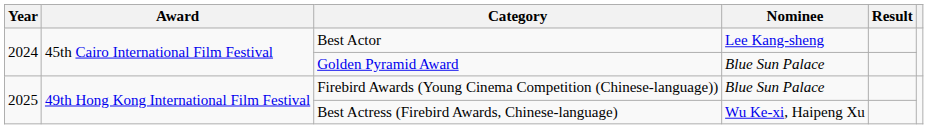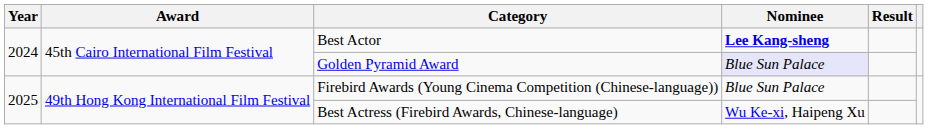 <table class="wikitable plainrowheaders">
 <tr>
 <th scope="col">Year</th>
 <th scope="col">Award</th>
 <th scope="col">Category</th>
 <th scope="col">Nominee</th>
 <th scope="col">Result</th>
 <th scope="col"></th>
 </tr>
 <tr>
 <td rowspan=2>2024</td>
 <td rowspan=2>45th <a href='#'>Cairo International Film Festival</a></td>
 <td>Best Actor</td>
-<td><a href='#'>Lee Kang-sheng</a></td>
+<td><strong><a href='#'>Lee Kang-sheng</a></strong></td>
 <td></td>
 <td rowspan=2></td>
 </tr>
 <tr>
 <td><a href='#'>Golden Pyramid Award</a></td>
-<td><em>Blue Sun Palace</em></td>
+<td style="background: lavender;"><em>Blue Sun Palace</em></td>
 <td></td>
 </tr>
 <tr>
 <td rowspan=2>2025</td>
 <td rowspan=2><a href='#'>49th Hong Kong International Film Festival</a></td>
 <td>Firebird Awards (Young Cinema Competition (Chinese-language))</td>
 <td><em>Blue Sun Palace</em></td>
 <td></td>
 <td rowspan=2></td>
 </tr>
 <tr>
 <td>Best Actress (Firebird Awards, Chinese-language)</td>
 <td><a href='#'>Wu Ke-xi</a>, Haipeng Xu</td>
 <td></td>
 </tr>
 </table>
